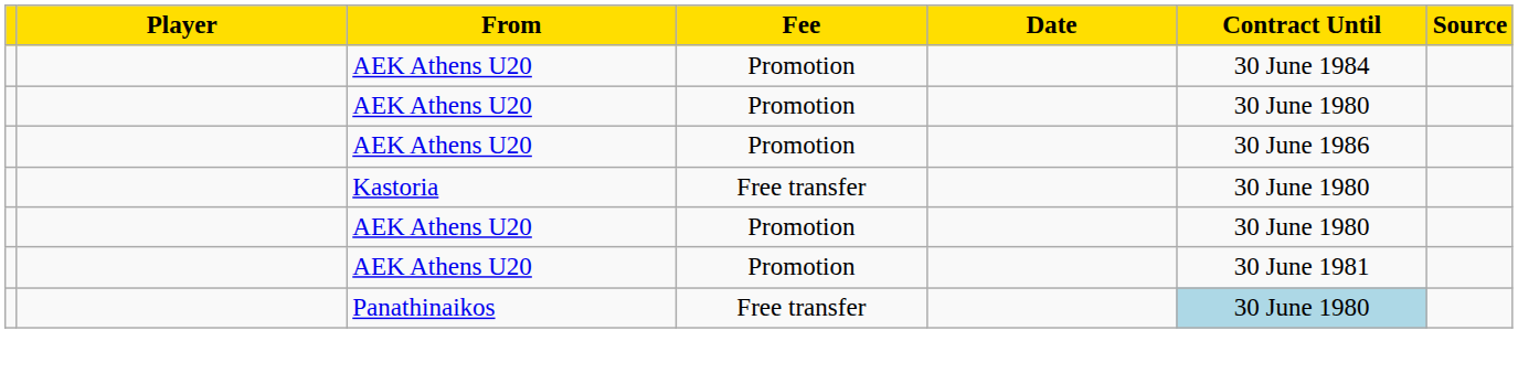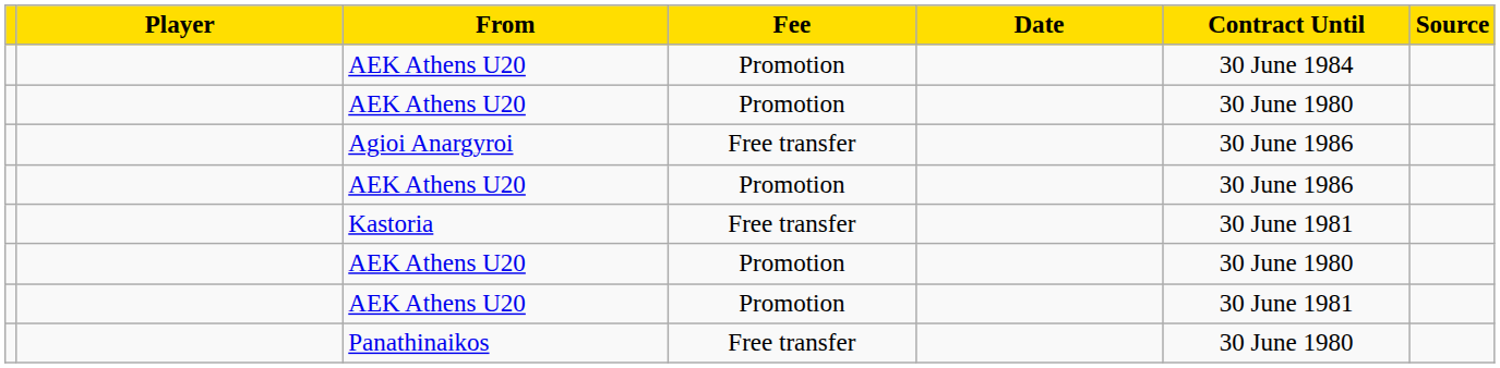 <table class="wikitable sortable">
 <tr>
 <th style="background:#FFDE00"></th>
 <th width=200 style="background:#FFDE00">Player</th>
 <th width=200 style="background:#FFDE00">From</th>
 <th width=150 style="background:#FFDE00">Fee</th>
 <th width=150 style="background:#FFDE00">Date</th>
 <th width=150 style="background:#FFDE00">Contract Until</th>
 <th style="background:#FFDE00">Source</th>
 </tr>
 <tr>
 <td align=center></td>
 <td></td>
 <td> <a href='#'>AEK Athens U20</a></td>
 <td align=center>Promotion</td>
 <td align=center></td>
 <td align=center>30 June 1984</td>
 <td align=center></td>
 </tr>
 <tr>
 <td align=center></td>
 <td></td>
 <td> <a href='#'>AEK Athens U20</a></td>
 <td align=center>Promotion</td>
 <td align=center></td>
 <td align=center>30 June 1980</td>
 <td align=center></td>
 </tr>
 <tr>
 <td align=center></td>
 <td></td>
+<td> <a href='#'>Agioi Anargyroi</a></td>
+<td align=center>Free transfer</td>
+<td align=center></td>
+<td align=center>30 June 1986</td>
+<td align=center></td>
+</tr>
+<tr>
+<td align=center></td>
+<td></td>
 <td> <a href='#'>AEK Athens U20</a></td>
 <td align=center>Promotion</td>
 <td align=center></td>
 <td align=center>30 June 1986</td>
 <td align=center></td>
 </tr>
 <tr>
 <td align=center></td>
 <td></td>
 <td> <a href='#'>Kastoria</a></td>
 <td align=center>Free transfer</td>
 <td align=center></td>
-<td align=center>30 June 1980</td>
+<td align=center>30 June 1981</td>
 <td align=center></td>
 </tr>
 <tr>
 <td align=center></td>
 <td></td>
 <td> <a href='#'>AEK Athens U20</a></td>
 <td align=center>Promotion</td>
 <td align=center></td>
 <td align=center>30 June 1980</td>
 <td align=center></td>
 </tr>
 <tr>
 <td align=center></td>
 <td></td>
 <td> <a href='#'>AEK Athens U20</a></td>
 <td align=center>Promotion</td>
 <td align=center></td>
 <td align=center>30 June 1981</td>
 <td align=center></td>
 </tr>
 <tr>
 <td align=center></td>
 <td></td>
 <td> <a href='#'>Panathinaikos</a></td>
 <td align=center>Free transfer</td>
 <td align=center></td>
-<td align=center style="background: lightblue;">30 June 1980</td>
+<td align=center>30 June 1980</td>
 <td align=center></td>
 </tr>
 </table>
